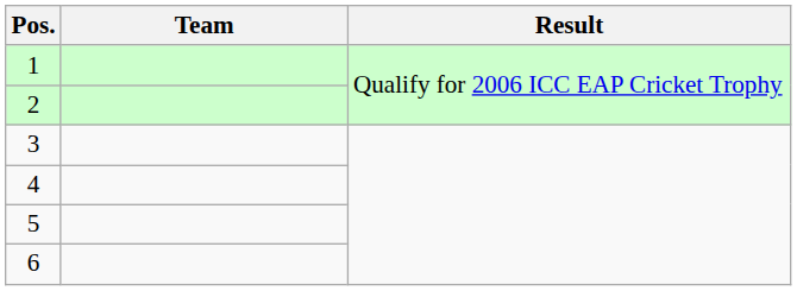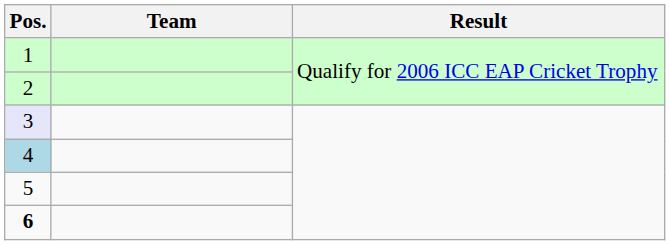 <table class="wikitable">
 <tr>
 <th>Pos.</th>
 <th width=175>Team</th>
 <th width=275>Result</th>
 </tr>
 <tr style="background:#ccffcc">
 <td align="center">1</td>
 <td></td>
 <td rowspan=2>Qualify for <a href='#'>2006 ICC EAP Cricket Trophy</a></td>
 </tr>
 <tr style="background:#ccffcc">
 <td align="center">2</td>
 <td></td>
 </tr>
 <tr>
-<td align="center">3</td>
+<td align="center" style="background: lavender;">3</td>
 <td></td>
 <td rowspan=4></td>
 </tr>
 <tr>
-<td align="center">4</td>
+<td align="center" style="background: lightblue;">4</td>
 <td></td>
 </tr>
 <tr>
 <td align="center">5</td>
 <td></td>
 </tr>
 <tr>
-<td align="center">6</td>
+<td align="center"><strong>6</strong></td>
 <td></td>
 </tr>
 </table>
